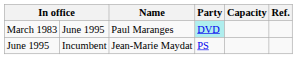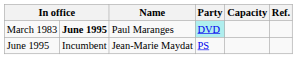 <table class="wikitable">
 <tr>
 <th colspan="2">In office</th>
 <th>Name</th>
 <th>Party</th>
 <th>Capacity</th>
 <th>Ref.</th>
 </tr>
 <tr>
 <td>March 1983</td>
-<td>June 1995</td>
+<td><strong>June 1995</strong></td>
 <td>Paul Maranges</td>
 <td style="background: paleturquoise;"><a href='#'>DVD</a></td>
 <td></td>
 <td></td>
 </tr>
 <tr>
 <td>June 1995</td>
 <td>Incumbent</td>
 <td>Jean-Marie Maydat</td>
 <td><a href='#'>PS</a></td>
 <td></td>
 <td></td>
 </tr>
 </table>
